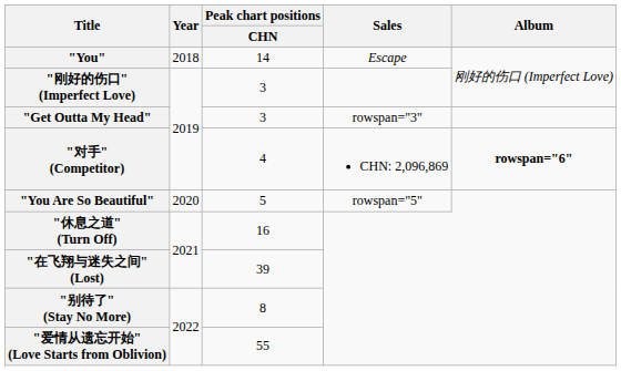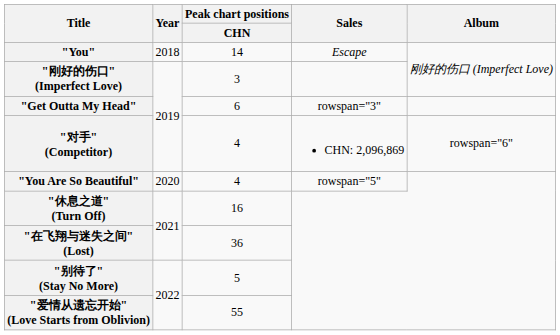 <table class="wikitable plainrowheaders" style="text-align:center;">
 <tr>
 <th rowspan="2">Title</th>
 <th rowspan="2">Year</th>
 <th>Peak chart positions</th>
 <th rowspan="2">Sales</th>
 <th rowspan="2">Album</th>
 </tr>
 <tr>
 <th>CHN<br></th>
 </tr>
 <tr>
 <th scope="row">"You"</th>
 <td>2018</td>
 <td>14</td>
 <td><em>Escape</em></td>
 <td rowspan="2"><em>刚好的伤口 (Imperfect Love)</em></td>
 </tr>
 <tr>
 <th scope="row">"刚好的伤口" <br>(Imperfect Love)</th>
 <td rowspan="3">2019</td>
 <td>3</td>
 </tr>
 <tr>
 <th scope="row">"Get Outta My Head"</th>
-<td>3</td>
+<td>6</td>
 <td>rowspan="3" </td>
 </tr>
 <tr>
 <th scope="row">"对手" <br>(Competitor)</th>
 <td>4</td>
 <td><br><ul><li>CHN: 2,096,869</li></ul></td>
-<td><strong>rowspan="6" </strong></td>
+<td>rowspan="6" </td>
 </tr>
 <tr>
 <th scope="row">"You Are So Beautiful"</th>
 <td>2020</td>
-<td>5</td>
+<td>4</td>
 <td>rowspan="5" </td>
 </tr>
 <tr>
 <th scope="row">"休息之道" <br>(Turn Off)</th>
 <td rowspan="2">2021</td>
 <td>16</td>
 </tr>
 <tr>
 <th scope="row">"在飞翔与迷失之间" <br> (Lost)</th>
-<td>39</td>
+<td>36</td>
 </tr>
 <tr>
 <th scope="row">"别待了" <br> (Stay No More)</th>
 <td rowspan="2">2022</td>
-<td>8</td>
+<td>5</td>
 </tr>
 <tr>
 <th scope="row">"爱情从遗忘开始"<br>(Love Starts from Oblivion)</th>
 <td>55</td>
 </tr>
 </table>
